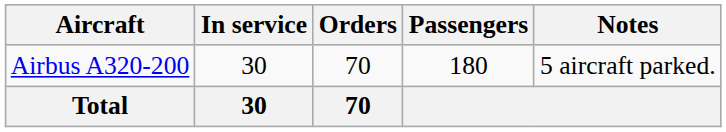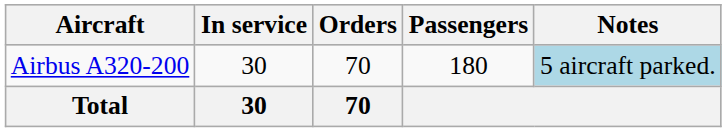 <table class="wikitable" style="margin-left: auto; margin-right: auto; border: none; text-align:center;">
 <tr>
 <th>Aircraft</th>
 <th>In service</th>
 <th>Orders</th>
 <th>Passengers</th>
 <th>Notes</th>
 </tr>
 <tr>
 <td><a href='#'>Airbus A320-200</a></td>
 <td>30</td>
 <td>70</td>
 <td>180</td>
-<td>5 aircraft parked.</td>
+<td style="background: lightblue;">5 aircraft parked.</td>
 </tr>
 <tr>
 <th>Total</th>
 <th>30</th>
 <th>70</th>
 <th colspan="2"></th>
 </tr>
 </table>
